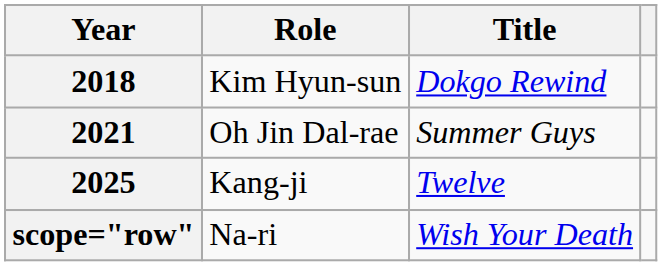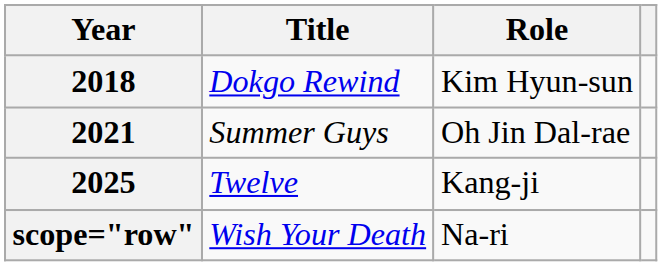 <table class="wikitable plainrowheaders">
 <tr>
 <th scope="col">Year</th>
+<th scope="col">Title</th>
 <th scope="col">Role</th>
-<th scope="col">Title</th>
 <th scope="col"></th>
 </tr>
 <tr>
 <th scope="row">2018</th>
+<td><em><a href='#'>Dokgo Rewind</a></em></td>
 <td>Kim Hyun-sun</td>
-<td><em><a href='#'>Dokgo Rewind</a></em></td>
 <td style="text-align:center"></td>
 </tr>
 <tr>
 <th scope="row">2021</th>
+<td><em>Summer Guys</em></td>
 <td>Oh Jin Dal-rae</td>
-<td><em>Summer Guys</em></td>
 <td style="text-align:center"></td>
 </tr>
 <tr>
 <th scope="row">2025</th>
+<td><em><a href='#'>Twelve</a></em></td>
 <td>Kang-ji</td>
-<td><em><a href='#'>Twelve</a></em></td>
 <td style="text-align:center"></td>
 </tr>
 <tr>
 <th>scope="row" </th>
+<td><em><a href='#'>Wish Your Death</a></em></td>
 <td>Na-ri</td>
-<td><em><a href='#'>Wish Your Death</a></em></td>
 <td style="text-align:center"></td>
 </tr>
 </table>
